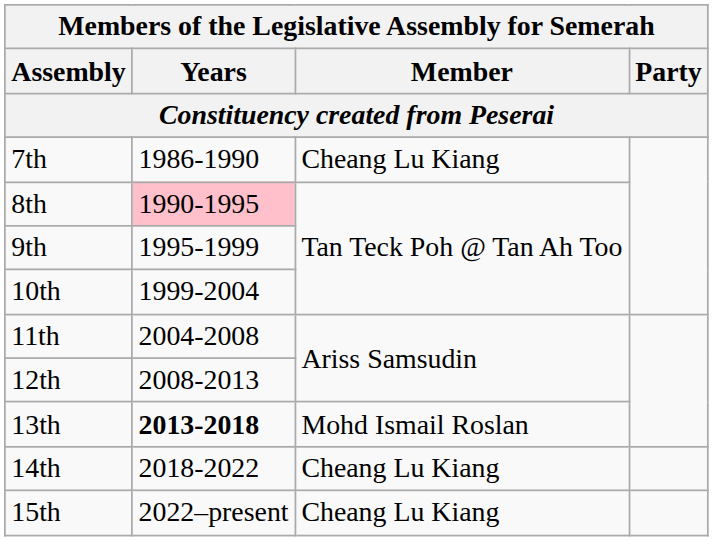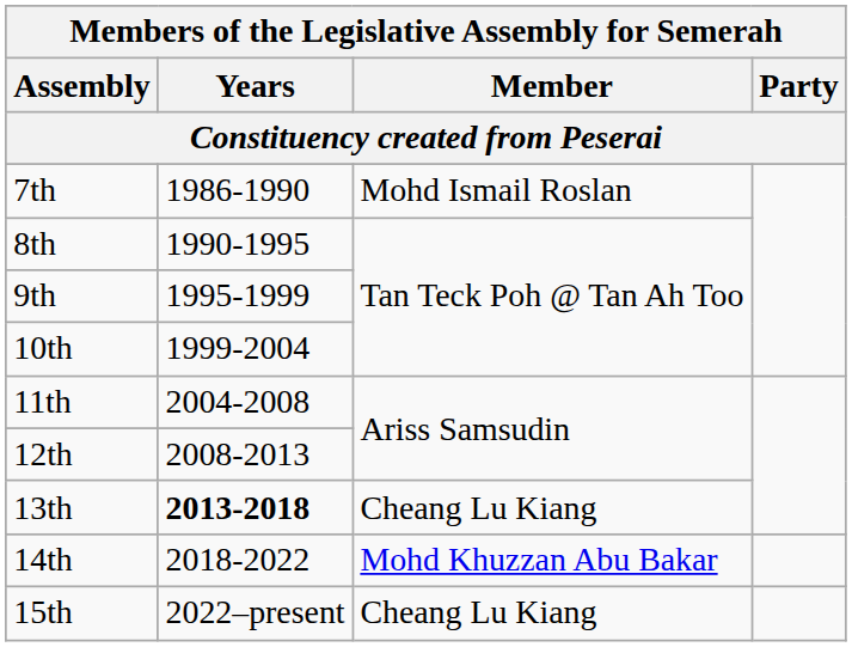 <table class=wikitable>
 <tr>
 <th colspan=4>Members of the Legislative Assembly for Semerah</th>
 </tr>
 <tr>
 <th>Assembly</th>
 <th>Years</th>
 <th>Member</th>
 <th>Party</th>
 </tr>
 <tr>
 <th colspan=4 align=center><em>Constituency created from Peserai</em></th>
 </tr>
 <tr>
 <td>7th</td>
 <td>1986-1990</td>
-<td>Cheang Lu Kiang</td>
+<td>Mohd Ismail Roslan</td>
 <td rowspan="4"></td>
 </tr>
 <tr>
 <td>8th</td>
-<td style="background: pink;">1990-1995</td>
+<td>1990-1995</td>
 <td rowspan="3">Tan Teck Poh @ Tan Ah Too</td>
 </tr>
 <tr>
 <td>9th</td>
 <td>1995-1999</td>
 </tr>
 <tr>
 <td>10th</td>
 <td>1999-2004</td>
 </tr>
 <tr>
 <td>11th</td>
 <td>2004-2008</td>
 <td rowspan="2">Ariss Samsudin</td>
 <td rowspan="3"></td>
 </tr>
 <tr>
 <td>12th</td>
 <td>2008-2013</td>
 </tr>
 <tr>
 <td>13th</td>
 <td><strong>2013-2018</strong></td>
-<td>Mohd Ismail Roslan</td>
+<td>Cheang Lu Kiang</td>
 </tr>
 <tr>
 <td>14th</td>
 <td>2018-2022</td>
-<td>Cheang Lu Kiang</td>
+<td><a href='#'>Mohd Khuzzan Abu Bakar</a></td>
 <td></td>
 </tr>
 <tr>
 <td>15th</td>
 <td>2022–present</td>
 <td>Cheang Lu Kiang</td>
 <td></td>
 </tr>
 </table>
